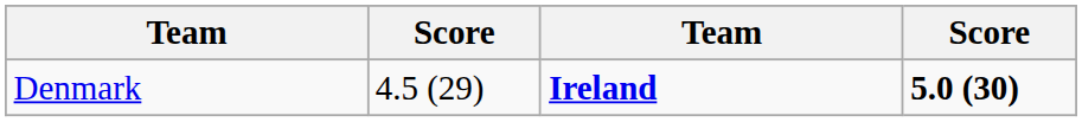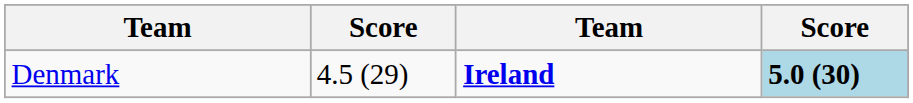 <table class="wikitable" width=500>
 <tr>
 <th width=25%>Team</th>
 <th width=12%>Score</th>
 <th width=25%>Team</th>
 <th width=12%>Score</th>
 </tr>
 <tr style="vertical-align: top;">
 <td> <a href='#'>Denmark</a></td>
 <td>4.5 (29)</td>
 <td> <strong><a href='#'>Ireland</a></strong></td>
-<td><strong>5.0 (30)</strong></td>
+<td style="background: lightblue;"><strong>5.0 (30)</strong></td>
 </tr>
 </table>
